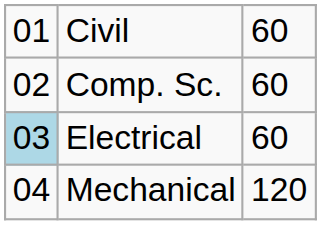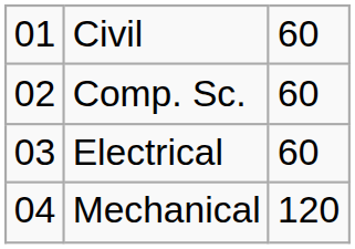 <table class="wikitable">
 <tr>
 <td>01</td>
 <td>Civil</td>
 <td>60</td>
 </tr>
 <tr>
 <td>02</td>
 <td>Comp. Sc.</td>
 <td>60</td>
 </tr>
 <tr>
-<td style="background: lightblue;">03</td>
+<td>03</td>
 <td>Electrical</td>
 <td>60</td>
 </tr>
 <tr>
 <td>04</td>
 <td>Mechanical</td>
 <td>120</td>
 </tr>
 </table>
